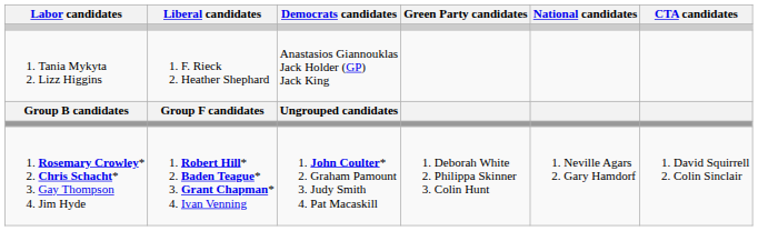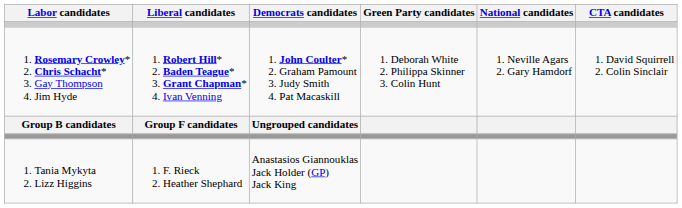 <table class="wikitable">
 <tr>
 <th><a href='#'>Labor</a> candidates</th>
 <th><a href='#'>Liberal</a> candidates</th>
 <th><a href='#'>Democrats</a> candidates</th>
 <th>Green Party candidates</th>
 <th><a href='#'>National</a> candidates</th>
 <th><a href='#'>CTA</a> candidates</th>
 </tr>
 <tr bgcolor="#cccccc">
 <td></td>
 <td></td>
 <td></td>
 <td></td>
 <td></td>
 <td></td>
 </tr>
 <tr>
-<td valign=top><br><ol><li>Tania Mykyta</li><li>Lizz Higgins</li></ol></td>
-<td valign=top><br><ol><li>F. Rieck</li><li>Heather Shephard</li></ol></td>
-<td valign=top><br>Anastasios Giannouklas<br> Jack Holder (<a href='#'>GP</a>)<br> Jack King</td>
-<td valign=top></td>
-<td valign=top></td>
-<td valign=top></td>
+<td><br><ol><li><strong><a href='#'>Rosemary Crowley</a></strong>*</li><li><strong><a href='#'>Chris Schacht</a></strong>*</li><li><a href='#'>Gay Thompson</a></li><li>Jim Hyde</li></ol></td>
+<td><br><ol><li><strong><a href='#'>Robert Hill</a></strong>*</li><li><strong><a href='#'>Baden Teague</a></strong>*</li><li><strong><a href='#'>Grant Chapman</a></strong>*</li><li><a href='#'>Ivan Venning</a></li></ol></td>
+<td><br><ol><li><strong><a href='#'>John Coulter</a></strong>*</li><li>Graham Pamount</li><li>Judy Smith</li><li>Pat Macaskill</li></ol></td>
+<td valign=top><br><ol><li>Deborah White</li><li>Philippa Skinner</li><li>Colin Hunt</li></ol></td>
+<td valign=top><br><ol><li>Neville Agars</li><li>Gary Hamdorf</li></ol></td>
+<td valign=top><br><ol><li>David Squirrell</li><li>Colin Sinclair</li></ol></td>
 </tr>
 <tr bgcolor="#cccccc">
 <th>Group B candidates</th>
 <th>Group F candidates</th>
 <th>Ungrouped candidates</th>
 <th></th>
 <th></th>
 <th></th>
 </tr>
 <tr bgcolor="#cccccc">
 <td bgcolor="#999999"></td>
 <td bgcolor="#999999"></td>
 <td bgcolor="#999999"></td>
 <td bgcolor="#999999"></td>
 <td bgcolor="#999999"></td>
 <td bgcolor="#999999"></td>
 </tr>
 <tr>
-<td><br><ol><li><strong><a href='#'>Rosemary Crowley</a></strong>*</li><li><strong><a href='#'>Chris Schacht</a></strong>*</li><li><a href='#'>Gay Thompson</a></li><li>Jim Hyde</li></ol></td>
-<td><br><ol><li><strong><a href='#'>Robert Hill</a></strong>*</li><li><strong><a href='#'>Baden Teague</a></strong>*</li><li><strong><a href='#'>Grant Chapman</a></strong>*</li><li><a href='#'>Ivan Venning</a></li></ol></td>
-<td><br><ol><li><strong><a href='#'>John Coulter</a></strong>*</li><li>Graham Pamount</li><li>Judy Smith</li><li>Pat Macaskill</li></ol></td>
-<td valign=top><br><ol><li>Deborah White</li><li>Philippa Skinner</li><li>Colin Hunt</li></ol></td>
-<td valign=top><br><ol><li>Neville Agars</li><li>Gary Hamdorf</li></ol></td>
-<td valign=top><br><ol><li>David Squirrell</li><li>Colin Sinclair</li></ol></td>
+<td valign=top><br><ol><li>Tania Mykyta</li><li>Lizz Higgins</li></ol></td>
+<td valign=top><br><ol><li>F. Rieck</li><li>Heather Shephard</li></ol></td>
+<td valign=top><br>Anastasios Giannouklas<br> Jack Holder (<a href='#'>GP</a>)<br> Jack King</td>
+<td valign=top></td>
+<td valign=top></td>
+<td valign=top></td>
 </tr>
 </table>
